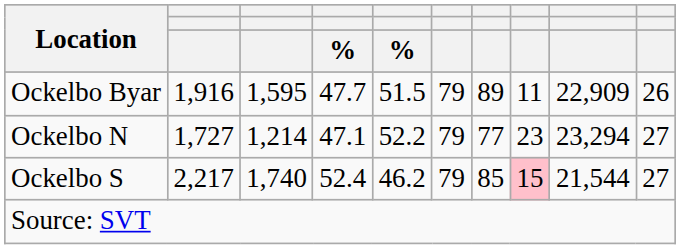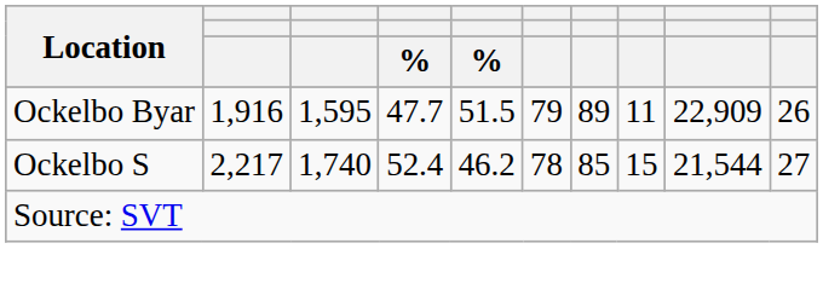 <table role="presentation" class="wikitable sortable mw-collapsible">
 <tr>
 <th rowspan="3">Location</th>
 <th></th>
 <th></th>
 <th></th>
 <th></th>
 <th></th>
 <th></th>
 <th></th>
 <th></th>
 <th></th>
 </tr>
 <tr>
 <th></th>
 <th></th>
 <th style="background:"></th>
 <th style="background:"></th>
 <th></th>
 <th></th>
 <th></th>
 <th></th>
 <th></th>
 </tr>
 <tr>
 <th data-sort-type="number"></th>
 <th data-sort-type="number"></th>
 <th data-sort-type="number">%</th>
 <th data-sort-type="number">%</th>
 <th data-sort-type="number"></th>
 <th data-sort-type="number"></th>
 <th data-sort-type="number"></th>
 <th data-sort-type="number"></th>
 <th data-sort-type="number"></th>
 </tr>
 <tr>
 <td align="left">Ockelbo Byar</td>
 <td>1,916</td>
 <td>1,595</td>
 <td>47.7</td>
 <td>51.5</td>
 <td>79</td>
 <td>89</td>
 <td>11</td>
 <td>22,909</td>
 <td>26</td>
 </tr>
 <tr>
-<td align="left">Ockelbo N</td>
-<td>1,727</td>
-<td>1,214</td>
-<td>47.1</td>
-<td>52.2</td>
-<td>79</td>
-<td>77</td>
-<td>23</td>
-<td>23,294</td>
-<td>27</td>
-</tr>
-<tr>
 <td align="left">Ockelbo S</td>
 <td>2,217</td>
 <td>1,740</td>
 <td>52.4</td>
 <td>46.2</td>
-<td>79</td>
+<td>78</td>
 <td>85</td>
-<td style="background: pink;">15</td>
+<td>15</td>
 <td>21,544</td>
 <td>27</td>
 </tr>
 <tr>
 <td colspan="10" align="left">Source: <a href='#'>SVT</a></td>
 </tr>
 </table>
